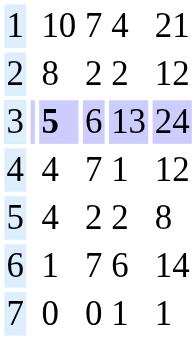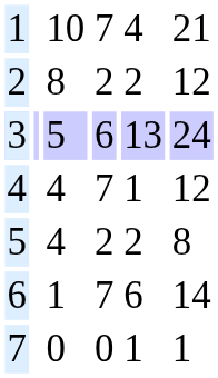 <table>
 <tr>
 <td bgcolor = DDEEFF>1</td>
 <td align=left></td>
 <td>10</td>
 <td>7</td>
 <td>4</td>
 <td>21</td>
 </tr>
 <tr>
 <td bgcolor = DDEEFF>2</td>
 <td align=left></td>
 <td>8</td>
 <td>2</td>
 <td>2</td>
 <td>12</td>
 </tr>
 <tr style="background-color:#ccccff">
 <td bgcolor = DDEEFF>3</td>
 <td align=left></td>
-<td><strong>5</strong></td>
+<td>5</td>
 <td>6</td>
 <td>13</td>
 <td>24</td>
 </tr>
 <tr>
 <td bgcolor = DDEEFF>4</td>
 <td align=left></td>
 <td>4</td>
 <td>7</td>
 <td>1</td>
 <td>12</td>
 </tr>
 <tr>
 <td bgcolor = DDEEFF>5</td>
 <td align=left></td>
 <td>4</td>
 <td>2</td>
 <td>2</td>
 <td>8</td>
 </tr>
 <tr>
 <td bgcolor = DDEEFF>6</td>
 <td align=left></td>
 <td>1</td>
 <td>7</td>
 <td>6</td>
 <td>14</td>
 </tr>
 <tr>
 <td bgcolor = DDEEFF>7</td>
 <td align=left></td>
 <td>0</td>
 <td>0</td>
 <td>1</td>
 <td>1</td>
 </tr>
 </table>
